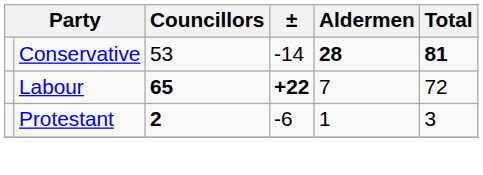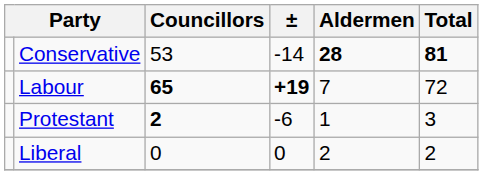 <table class="wikitable">
 <tr>
 <th colspan="2">Party</th>
 <th>Councillors</th>
 <th>  ±  </th>
 <th>Aldermen</th>
 <th>Total</th>
 </tr>
 <tr>
 <td style="background-color: "></td>
 <td><a href='#'>Conservative</a></td>
 <td>53</td>
 <td>-14</td>
 <td><strong>28</strong></td>
 <td><strong>81</strong></td>
 </tr>
 <tr>
 <td style="background-color: "></td>
 <td><a href='#'>Labour</a></td>
 <td><strong>65</strong></td>
-<td><strong>+22</strong></td>
+<td><strong>+19</strong></td>
 <td>7</td>
 <td>72</td>
 </tr>
 <tr>
 <td style="background-color: "></td>
 <td><a href='#'>Protestant</a></td>
 <td><strong>2</strong></td>
 <td>-6</td>
 <td>1</td>
 <td>3</td>
 </tr>
 <tr>
+<td style="background-color: "></td>
+<td><a href='#'>Liberal</a></td>
+<td>0</td>
+<td>0</td>
+<td>2</td>
+<td>2</td>
+</tr>
+<tr>
 </tr>
 </table>
